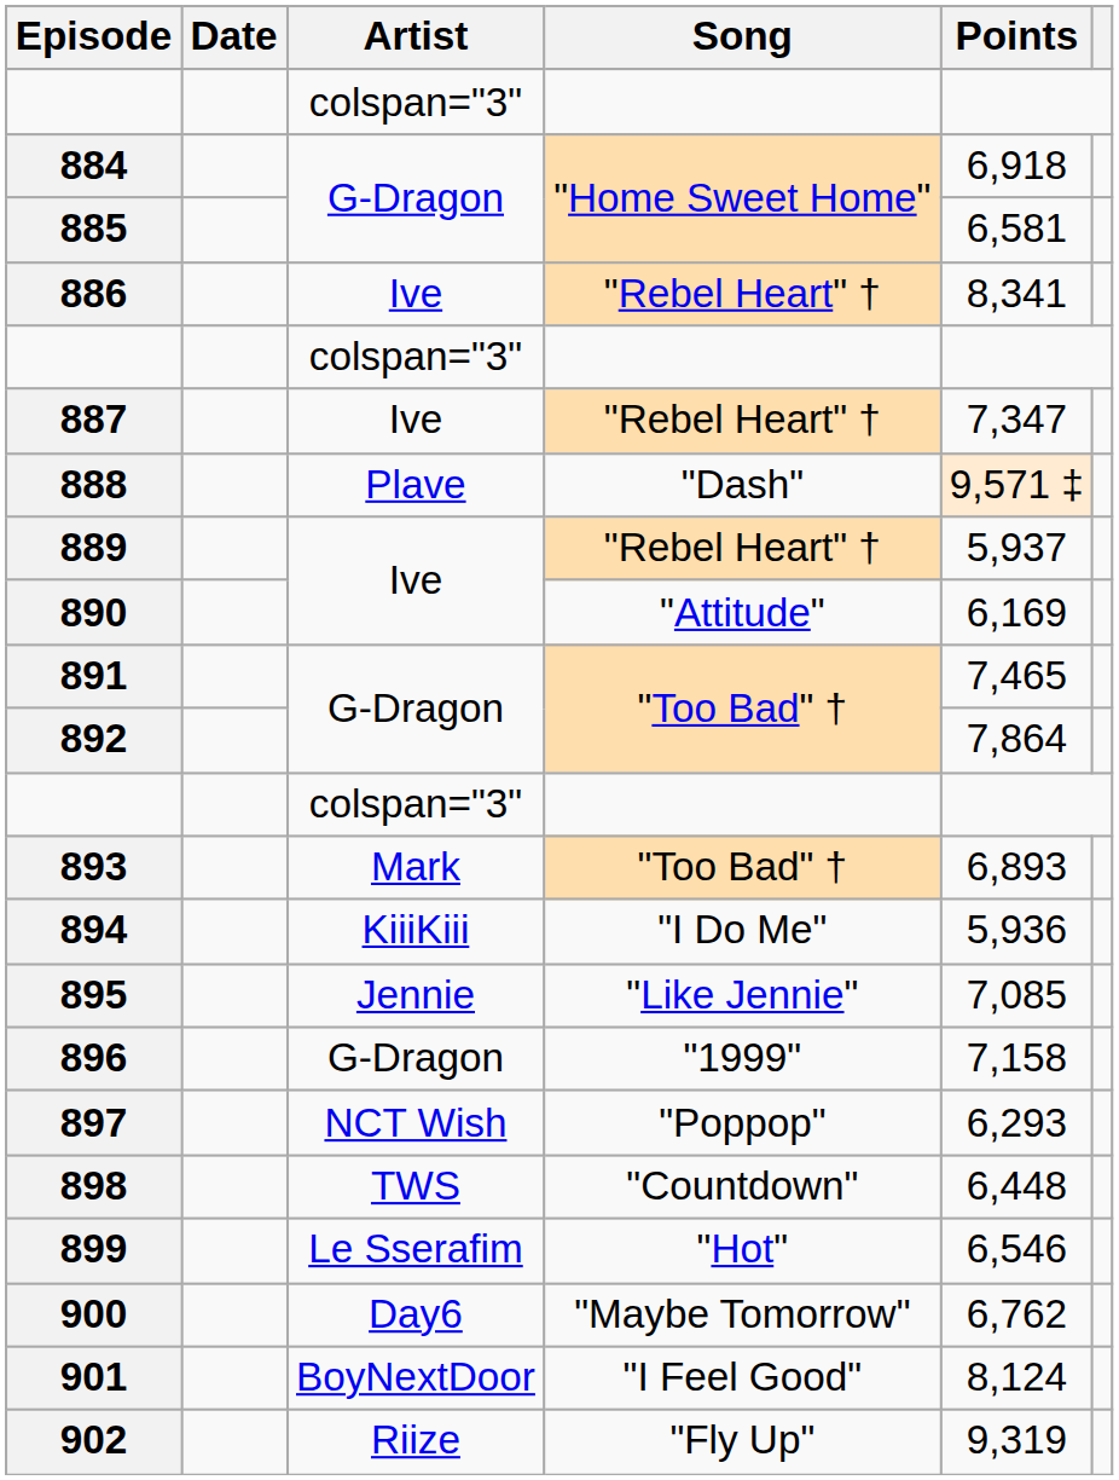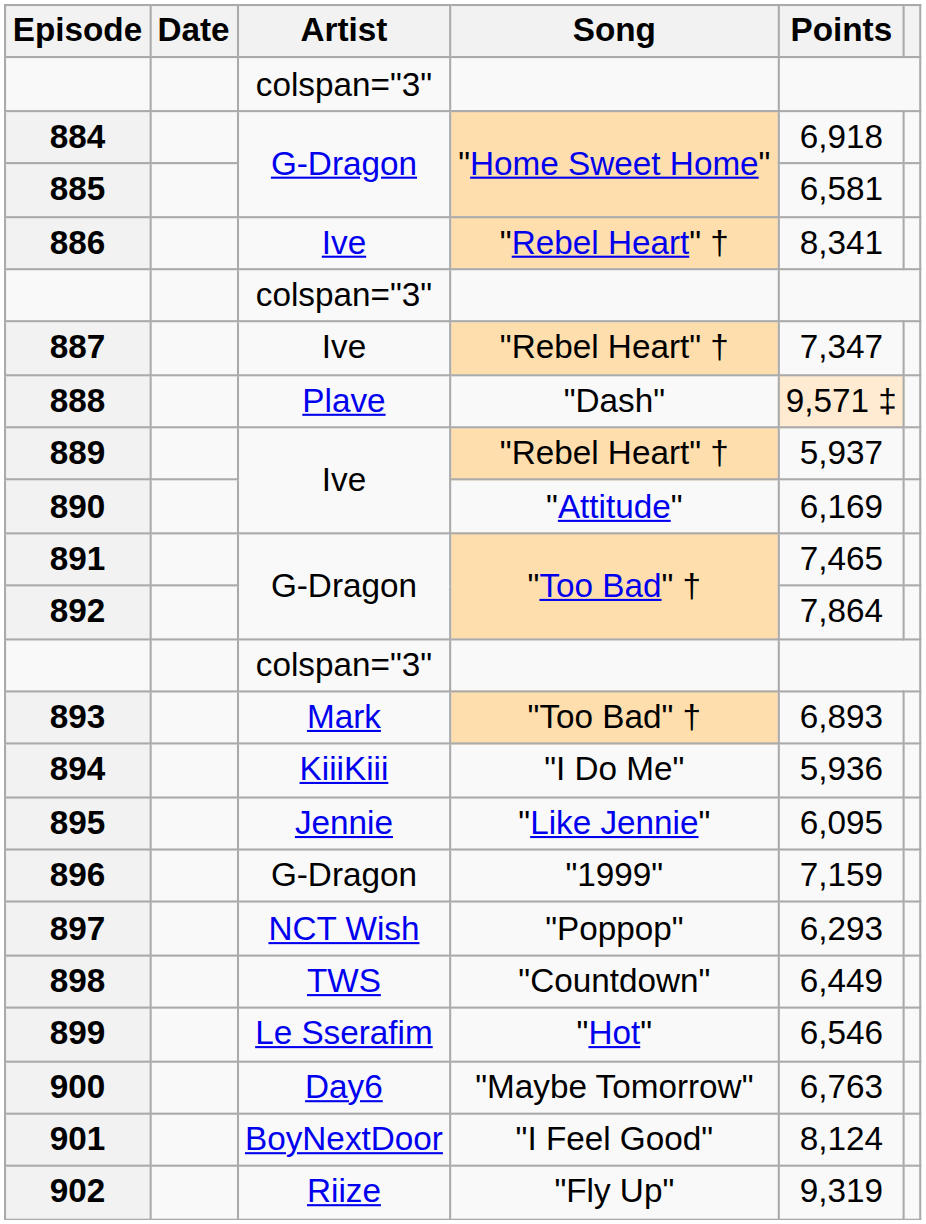 <table class="wikitable plainrowheaders sortable" style="text-align:center">
 <tr>
 <th scope="col">Episode</th>
 <th scope="col">Date</th>
 <th scope="col">Artist</th>
 <th scope="col">Song</th>
 <th scope="col">Points</th>
 <th scope="col" class="unsortable"></th>
 </tr>
 <tr>
 <td></td>
 <td></td>
 <td>colspan="3" </td>
 <td style="text-align:center"></td>
 </tr>
 <tr>
 <th scope="row" style="text-align:center">884</th>
 <td></td>
 <td rowspan="2"><a href='#'>G-Dragon</a></td>
 <td rowspan="2" style="background:#FFDEAD;">"<a href='#'>Home Sweet Home</a>"  </td>
 <td>6,918</td>
 <td style="text-align:center"></td>
 </tr>
 <tr>
 <th scope="row" style="text-align:center">885</th>
 <td></td>
 <td>6,581</td>
 <td style="text-align:center"></td>
 </tr>
 <tr>
 <th scope="row" style="text-align:center">886</th>
 <td></td>
 <td><a href='#'>Ive</a></td>
 <td style="background:#FFDEAD; text-align:center">"<a href='#'>Rebel Heart</a>" †</td>
 <td>8,341</td>
 <td style="text-align:center"></td>
 </tr>
 <tr>
 <td></td>
 <td></td>
 <td>colspan="3" </td>
 <td style="text-align:center"></td>
 </tr>
 <tr>
 <th scope="row" style="text-align:center">887</th>
 <td></td>
 <td>Ive</td>
 <td style="background:#FFDEAD; text-align:center">"Rebel Heart" †</td>
 <td>7,347</td>
 <td style="text-align:center"></td>
 </tr>
 <tr>
 <th scope="row" style="text-align:center">888</th>
 <td></td>
 <td><a href='#'>Plave</a></td>
 <td>"Dash"</td>
 <td style="background:#FFEBD2; text-align:center">9,571 ‡</td>
 <td style="text-align:center"></td>
 </tr>
 <tr>
 <th scope="row" style="text-align:center">889</th>
 <td></td>
 <td rowspan="2">Ive</td>
 <td style="background:#FFDEAD; text-align:center">"Rebel Heart" †</td>
 <td>5,937</td>
 <td style="text-align:center"></td>
 </tr>
 <tr>
 <th scope="row" style="text-align:center">890</th>
 <td></td>
 <td>"<a href='#'>Attitude</a>"</td>
 <td>6,169</td>
 <td style="text-align:center"></td>
 </tr>
 <tr>
 <th scope="row" style="text-align:center">891</th>
 <td></td>
 <td rowspan="2">G-Dragon</td>
 <td rowspan="2" style="background:#FFDEAD; text-align:center">"<a href='#'>Too Bad</a>" †</td>
 <td>7,465</td>
 <td style="text-align:center"></td>
 </tr>
 <tr>
 <th scope="row" style="text-align:center">892</th>
 <td></td>
 <td>7,864</td>
 <td style="text-align:center"></td>
 </tr>
 <tr>
 <td></td>
 <td></td>
 <td>colspan="3" </td>
 <td style="text-align:center"></td>
 </tr>
 <tr>
 <th scope="row" style="text-align:center">893</th>
 <td></td>
 <td><a href='#'>Mark</a></td>
 <td style="background:#FFDEAD; text-align:center">"Too Bad" †</td>
 <td>6,893</td>
 <td style="text-align:center"></td>
 </tr>
 <tr>
 <th scope="row" style="text-align:center">894</th>
 <td></td>
 <td><a href='#'>KiiiKiii</a></td>
 <td>"I Do Me"</td>
 <td>5,936</td>
 <td style="text-align:center"></td>
 </tr>
 <tr>
 <th scope="row" style="text-align:center">895</th>
 <td></td>
 <td><a href='#'>Jennie</a></td>
 <td>"<a href='#'>Like Jennie</a>"</td>
-<td>7,085</td>
+<td>6,095</td>
 <td style="text-align:center"></td>
 </tr>
 <tr>
 <th scope="row" style="text-align:center">896</th>
 <td></td>
 <td>G-Dragon</td>
 <td>"1999"</td>
-<td>7,158</td>
+<td>7,159</td>
 <td style="text-align:center"></td>
 </tr>
 <tr>
 <th scope="row" style="text-align:center">897</th>
 <td></td>
 <td><a href='#'>NCT Wish</a></td>
 <td>"Poppop"</td>
 <td>6,293</td>
 <td style="text-align:center"></td>
 </tr>
 <tr>
 <th scope="row" style="text-align:center">898</th>
 <td></td>
 <td><a href='#'>TWS</a></td>
 <td>"Countdown"</td>
-<td>6,448</td>
+<td>6,449</td>
 <td style="text-align:center"></td>
 </tr>
 <tr>
 <th scope="row" style="text-align:center">899</th>
 <td></td>
 <td><a href='#'>Le Sserafim</a></td>
 <td>"<a href='#'>Hot</a>"</td>
 <td>6,546</td>
 <td style="text-align:center"></td>
 </tr>
 <tr>
 <th scope="row" style="text-align:center">900</th>
 <td></td>
 <td><a href='#'>Day6</a></td>
 <td>"Maybe Tomorrow"</td>
-<td>6,762</td>
+<td>6,763</td>
 <td style="text-align:center"></td>
 </tr>
 <tr>
 <th scope="row" style="text-align:center">901</th>
 <td></td>
 <td><a href='#'>BoyNextDoor</a></td>
 <td>"I Feel Good"</td>
 <td>8,124</td>
 <td style="text-align:center"></td>
 </tr>
 <tr>
 <th scope="row" style="text-align:center">902</th>
 <td></td>
 <td><a href='#'>Riize</a></td>
 <td>"Fly Up"</td>
 <td>9,319</td>
 <td style="text-align:center"></td>
 </tr>
 </table>
